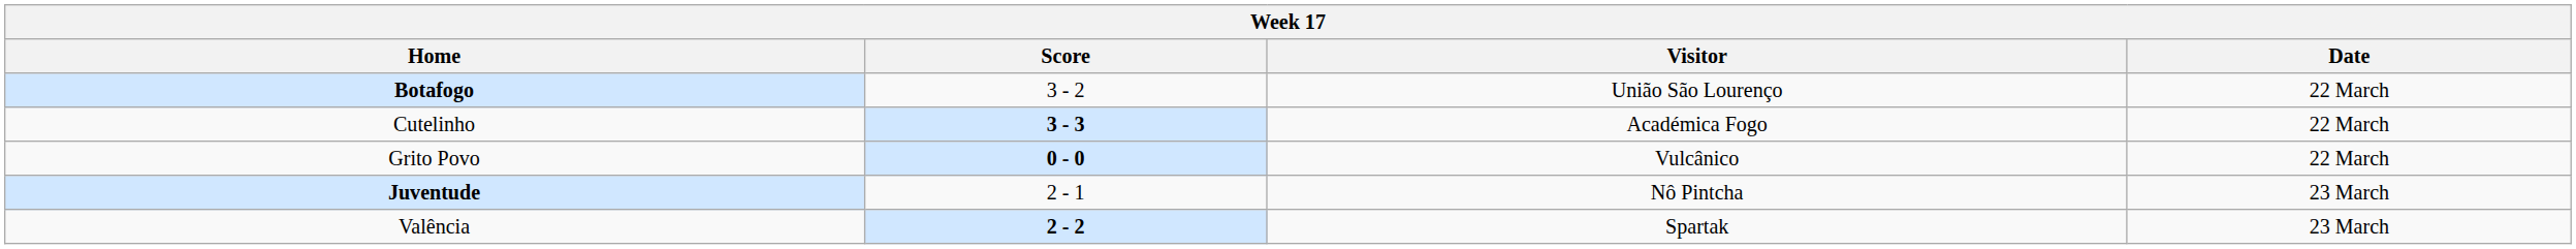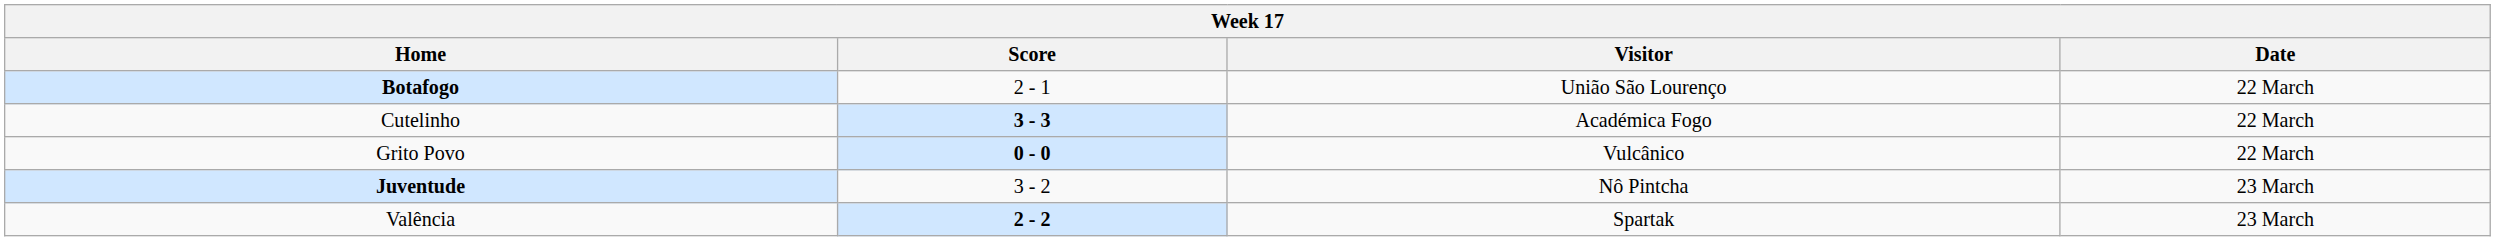 <table class="wikitable" style="margin:1em auto; font-size:95%; text-align: center; width: 95%;">
 <tr>
 <th colspan="12"  style="with:100%; text-align:center;">Week 17</th>
 </tr>
 <tr>
 <th style="width:200px;">Home</th>
 <th width="90">Score</th>
 <th style="width:200px;">Visitor</th>
 <th style="width:100px;">Date</th>
 </tr>
 <tr align=center>
 <td style="background:#d0e7ff;"><strong>Botafogo</strong></td>
-<td>3 - 2</td>
+<td>2 - 1</td>
 <td>União São Lourenço</td>
 <td>22 March</td>
 </tr>
 <tr align=center>
 <td>Cutelinho</td>
 <td style="background:#d0e7ff;"><strong>3 - 3</strong></td>
 <td>Académica Fogo</td>
 <td>22 March</td>
 </tr>
 <tr align=center>
 <td>Grito Povo</td>
 <td style="background:#d0e7ff;"><strong>0 - 0</strong></td>
 <td>Vulcânico</td>
 <td>22 March</td>
 </tr>
 <tr align=center>
 <td style="background:#d0e7ff;"><strong>Juventude</strong></td>
-<td>2 - 1</td>
+<td>3 - 2</td>
 <td>Nô Pintcha</td>
 <td>23 March</td>
 </tr>
 <tr align=center>
 <td>Valência</td>
 <td style="background:#d0e7ff;"><strong>2 - 2</strong></td>
 <td>Spartak</td>
 <td>23 March</td>
 </tr>
 </table>
